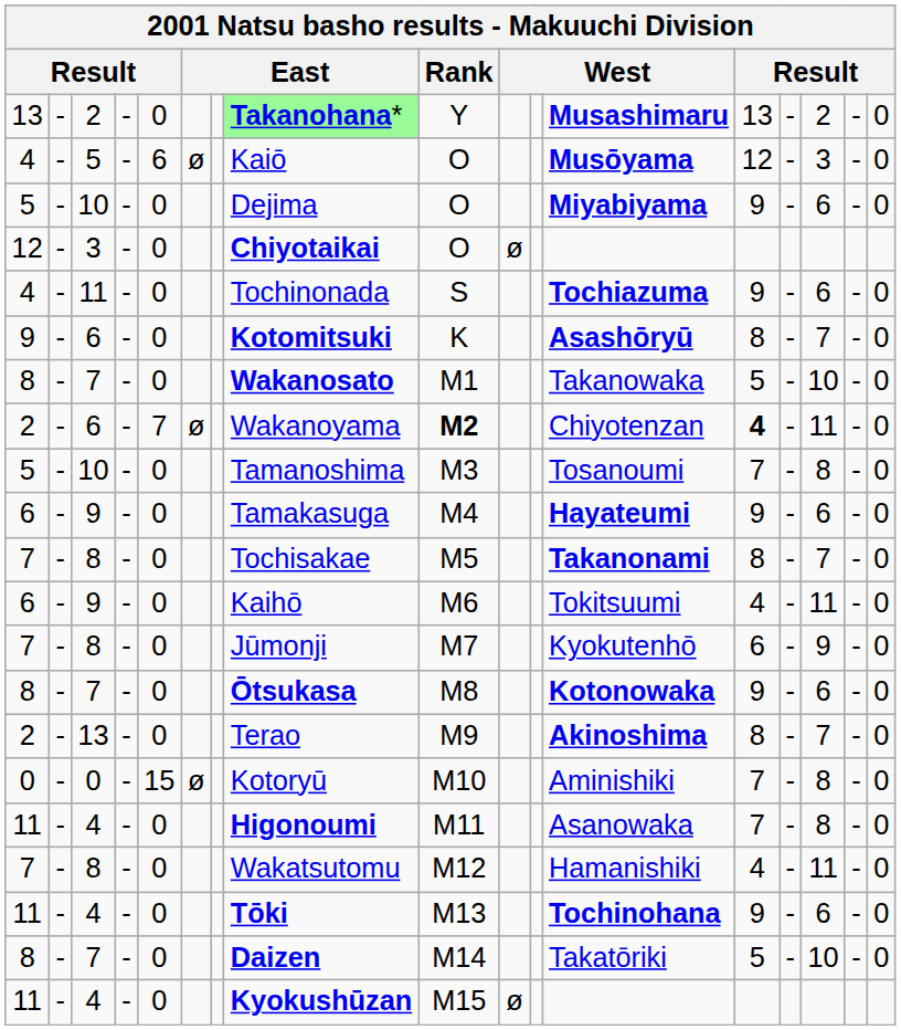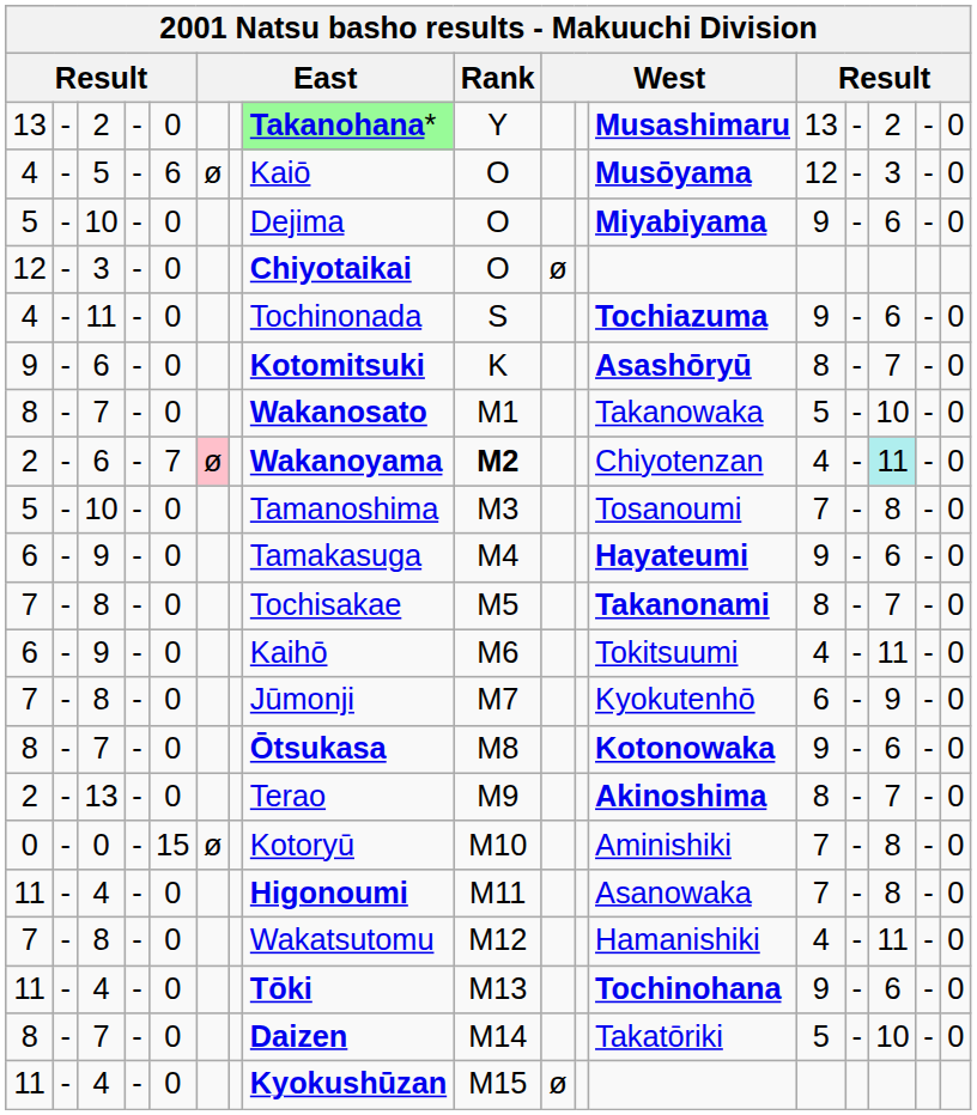 <table class="wikitable">
 <tr>
 <th colspan="17">2001 Natsu basho results - Makuuchi Division</th>
 </tr>
 <tr>
 <th colspan="5">Result</th>
 <th colspan="3">East</th>
 <th>Rank</th>
 <th colspan="3">West</th>
 <th colspan="5">Result</th>
 </tr>
 <tr>
 <td align=center>13</td>
 <td align=center>-</td>
 <td align=center>2</td>
 <td align=center>-</td>
 <td align=center>0</td>
 <td align=center></td>
 <td align=center></td>
 <td style="background: PaleGreen;"><strong><a href='#'>Takanohana</a></strong>*</td>
 <td align=center>Y</td>
 <td align=center></td>
 <td align=center></td>
 <td><strong><a href='#'>Musashimaru</a></strong></td>
 <td align=center>13</td>
 <td align=center>-</td>
 <td align=center>2</td>
 <td align=center>-</td>
 <td align=center>0</td>
 </tr>
 <tr>
 <td align=center>4</td>
 <td align=center>-</td>
 <td align=center>5</td>
 <td align=center>-</td>
 <td align=center>6</td>
 <td align=center>ø</td>
 <td align=center></td>
 <td><a href='#'>Kaiō</a></td>
 <td align=center>O</td>
 <td align=center></td>
 <td align=center></td>
 <td><strong><a href='#'>Musōyama</a></strong></td>
 <td align=center>12</td>
 <td align=center>-</td>
 <td align=center>3</td>
 <td align=center>-</td>
 <td align=center>0</td>
 </tr>
 <tr>
 <td align=center>5</td>
 <td align=center>-</td>
 <td align=center>10</td>
 <td align=center>-</td>
 <td align=center>0</td>
 <td align=center></td>
 <td align=center></td>
 <td><a href='#'>Dejima</a></td>
 <td align=center>O</td>
 <td align=center></td>
 <td align=center></td>
 <td><strong><a href='#'>Miyabiyama</a></strong></td>
 <td align=center>9</td>
 <td align=center>-</td>
 <td align=center>6</td>
 <td align=center>-</td>
 <td align=center>0</td>
 </tr>
 <tr>
 <td align=center>12</td>
 <td align=center>-</td>
 <td align=center>3</td>
 <td align=center>-</td>
 <td align=center>0</td>
 <td align=center></td>
 <td align=center></td>
 <td><strong><a href='#'>Chiyotaikai</a></strong></td>
 <td align=center>O</td>
 <td align=center>ø</td>
 <td align=center></td>
 <td></td>
 <td align=center></td>
 <td align=center></td>
 <td align=center></td>
 <td align=center></td>
 <td align=center></td>
 </tr>
 <tr>
 <td align=center>4</td>
 <td align=center>-</td>
 <td align=center>11</td>
 <td align=center>-</td>
 <td align=center>0</td>
 <td align=center></td>
 <td align=center></td>
 <td><a href='#'>Tochinonada</a></td>
 <td align=center>S</td>
 <td align=center></td>
 <td align=center></td>
 <td><strong><a href='#'>Tochiazuma</a></strong></td>
 <td align=center>9</td>
 <td align=center>-</td>
 <td align=center>6</td>
 <td align=center>-</td>
 <td align=center>0</td>
 </tr>
 <tr>
 <td align=center>9</td>
 <td align=center>-</td>
 <td align=center>6</td>
 <td align=center>-</td>
 <td align=center>0</td>
 <td align=center></td>
 <td align=center></td>
 <td><strong><a href='#'>Kotomitsuki</a></strong></td>
 <td align=center>K</td>
 <td align=center></td>
 <td align=center></td>
 <td><strong><a href='#'>Asashōryū</a></strong></td>
 <td align=center>8</td>
 <td align=center>-</td>
 <td align=center>7</td>
 <td align=center>-</td>
 <td align=center>0</td>
 </tr>
 <tr>
 <td align=center>8</td>
 <td align=center>-</td>
 <td align=center>7</td>
 <td align=center>-</td>
 <td align=center>0</td>
 <td align=center></td>
 <td align=center></td>
 <td><strong><a href='#'>Wakanosato</a></strong></td>
 <td align=center>M1</td>
 <td align=center></td>
 <td align=center></td>
 <td><a href='#'>Takanowaka</a></td>
 <td align=center>5</td>
 <td align=center>-</td>
 <td align=center>10</td>
 <td align=center>-</td>
 <td align=center>0</td>
 </tr>
 <tr>
 <td align=center>2</td>
 <td align=center>-</td>
 <td align=center>6</td>
 <td align=center>-</td>
 <td align=center>7</td>
-<td align=center>ø</td>
+<td align=center style="background: pink;">ø</td>
 <td align=center></td>
-<td><a href='#'>Wakanoyama</a></td>
+<td><strong><a href='#'>Wakanoyama</a></strong></td>
 <td align=center><strong>M2</strong></td>
 <td align=center></td>
 <td align=center></td>
 <td><a href='#'>Chiyotenzan</a></td>
-<td align=center><strong>4</strong></td>
+<td align=center>4</td>
 <td align=center>-</td>
-<td align=center>11</td>
+<td align=center style="background: paleturquoise;">11</td>
 <td align=center>-</td>
 <td align=center>0</td>
 </tr>
 <tr>
 <td align=center>5</td>
 <td align=center>-</td>
 <td align=center>10</td>
 <td align=center>-</td>
 <td align=center>0</td>
 <td align=center></td>
 <td align=center></td>
 <td><a href='#'>Tamanoshima</a></td>
 <td align=center>M3</td>
 <td align=center></td>
 <td align=center></td>
 <td><a href='#'>Tosanoumi</a></td>
 <td align=center>7</td>
 <td align=center>-</td>
 <td align=center>8</td>
 <td align=center>-</td>
 <td align=center>0</td>
 </tr>
 <tr>
 <td align=center>6</td>
 <td align=center>-</td>
 <td align=center>9</td>
 <td align=center>-</td>
 <td align=center>0</td>
 <td align=center></td>
 <td align=center></td>
 <td><a href='#'>Tamakasuga</a></td>
 <td align=center>M4</td>
 <td align=center></td>
 <td align=center></td>
 <td><strong><a href='#'>Hayateumi</a></strong></td>
 <td align=center>9</td>
 <td align=center>-</td>
 <td align=center>6</td>
 <td align=center>-</td>
 <td align=center>0</td>
 </tr>
 <tr>
 <td align=center>7</td>
 <td align=center>-</td>
 <td align=center>8</td>
 <td align=center>-</td>
 <td align=center>0</td>
 <td align=center></td>
 <td align=center></td>
 <td><a href='#'>Tochisakae</a></td>
 <td align=center>M5</td>
 <td align=center></td>
 <td align=center></td>
 <td><strong><a href='#'>Takanonami</a></strong></td>
 <td align=center>8</td>
 <td align=center>-</td>
 <td align=center>7</td>
 <td align=center>-</td>
 <td align=center>0</td>
 </tr>
 <tr>
 <td align=center>6</td>
 <td align=center>-</td>
 <td align=center>9</td>
 <td align=center>-</td>
 <td align=center>0</td>
 <td align=center></td>
 <td align=center></td>
 <td><a href='#'>Kaihō</a></td>
 <td align=center>M6</td>
 <td align=center></td>
 <td align=center></td>
 <td><a href='#'>Tokitsuumi</a></td>
 <td align=center>4</td>
 <td align=center>-</td>
 <td align=center>11</td>
 <td align=center>-</td>
 <td align=center>0</td>
 </tr>
 <tr>
 <td align=center>7</td>
 <td align=center>-</td>
 <td align=center>8</td>
 <td align=center>-</td>
 <td align=center>0</td>
 <td align=center></td>
 <td align=center></td>
 <td><a href='#'>Jūmonji</a></td>
 <td align=center>M7</td>
 <td align=center></td>
 <td align=center></td>
 <td><a href='#'>Kyokutenhō</a></td>
 <td align=center>6</td>
 <td align=center>-</td>
 <td align=center>9</td>
 <td align=center>-</td>
 <td align=center>0</td>
 </tr>
 <tr>
 <td align=center>8</td>
 <td align=center>-</td>
 <td align=center>7</td>
 <td align=center>-</td>
 <td align=center>0</td>
 <td align=center></td>
 <td align=center></td>
 <td><strong><a href='#'>Ōtsukasa</a></strong></td>
 <td align=center>M8</td>
 <td align=center></td>
 <td align=center></td>
 <td><strong><a href='#'>Kotonowaka</a></strong></td>
 <td align=center>9</td>
 <td align=center>-</td>
 <td align=center>6</td>
 <td align=center>-</td>
 <td align=center>0</td>
 </tr>
 <tr>
 <td align=center>2</td>
 <td align=center>-</td>
 <td align=center>13</td>
 <td align=center>-</td>
 <td align=center>0</td>
 <td align=center></td>
 <td align=center></td>
 <td><a href='#'>Terao</a></td>
 <td align=center>M9</td>
 <td align=center></td>
 <td align=center></td>
 <td><strong><a href='#'>Akinoshima</a></strong></td>
 <td align=center>8</td>
 <td align=center>-</td>
 <td align=center>7</td>
 <td align=center>-</td>
 <td align=center>0</td>
 </tr>
 <tr>
 <td align=center>0</td>
 <td align=center>-</td>
 <td align=center>0</td>
 <td align=center>-</td>
 <td align=center>15</td>
 <td align=center>ø</td>
 <td align=center></td>
 <td><a href='#'>Kotoryū</a></td>
 <td align=center>M10</td>
 <td align=center></td>
 <td align=center></td>
 <td><a href='#'>Aminishiki</a></td>
 <td align=center>7</td>
 <td align=center>-</td>
 <td align=center>8</td>
 <td align=center>-</td>
 <td align=center>0</td>
 </tr>
 <tr>
 <td align=center>11</td>
 <td align=center>-</td>
 <td align=center>4</td>
 <td align=center>-</td>
 <td align=center>0</td>
 <td align=center></td>
 <td align=center></td>
 <td><strong><a href='#'>Higonoumi</a></strong></td>
 <td align=center>M11</td>
 <td align=center></td>
 <td align=center></td>
 <td><a href='#'>Asanowaka</a></td>
 <td align=center>7</td>
 <td align=center>-</td>
 <td align=center>8</td>
 <td align=center>-</td>
 <td align=center>0</td>
 </tr>
 <tr>
 <td align=center>7</td>
 <td align=center>-</td>
 <td align=center>8</td>
 <td align=center>-</td>
 <td align=center>0</td>
 <td align=center></td>
 <td align=center></td>
 <td><a href='#'>Wakatsutomu</a></td>
 <td align=center>M12</td>
 <td align=center></td>
 <td align=center></td>
 <td><a href='#'>Hamanishiki</a></td>
 <td align=center>4</td>
 <td align=center>-</td>
 <td align=center>11</td>
 <td align=center>-</td>
 <td align=center>0</td>
 </tr>
 <tr>
 <td align=center>11</td>
 <td align=center>-</td>
 <td align=center>4</td>
 <td align=center>-</td>
 <td align=center>0</td>
 <td align=center></td>
 <td align=center></td>
 <td><strong><a href='#'>Tōki</a></strong></td>
 <td align=center>M13</td>
 <td align=center></td>
 <td align=center></td>
 <td><strong><a href='#'>Tochinohana</a></strong></td>
 <td align=center>9</td>
 <td align=center>-</td>
 <td align=center>6</td>
 <td align=center>-</td>
 <td align=center>0</td>
 </tr>
 <tr>
 <td align=center>8</td>
 <td align=center>-</td>
 <td align=center>7</td>
 <td align=center>-</td>
 <td align=center>0</td>
 <td align=center></td>
 <td align=center></td>
 <td><strong><a href='#'>Daizen</a></strong></td>
 <td align=center>M14</td>
 <td align=center></td>
 <td align=center></td>
 <td><a href='#'>Takatōriki</a></td>
 <td align=center>5</td>
 <td align=center>-</td>
 <td align=center>10</td>
 <td align=center>-</td>
 <td align=center>0</td>
 </tr>
 <tr>
 <td align=center>11</td>
 <td align=center>-</td>
 <td align=center>4</td>
 <td align=center>-</td>
 <td align=center>0</td>
 <td align=center></td>
 <td align=center></td>
 <td><strong><a href='#'>Kyokushūzan</a></strong></td>
 <td align=center>M15</td>
 <td align=center>ø</td>
 <td align=center></td>
 <td></td>
 <td align=center></td>
 <td align=center></td>
 <td align=center></td>
 <td align=center></td>
 <td align=center></td>
 </tr>
 </table>
